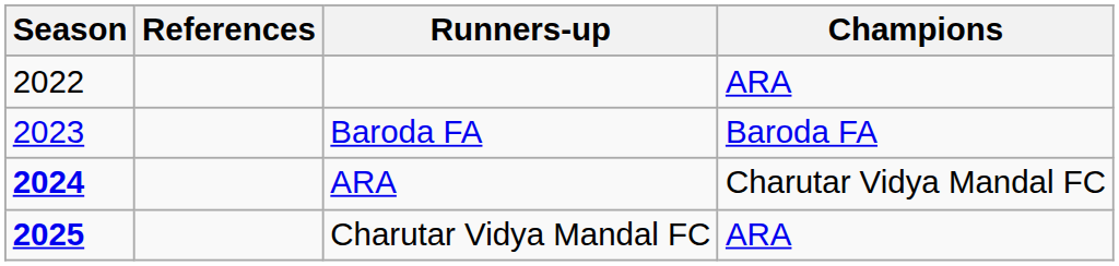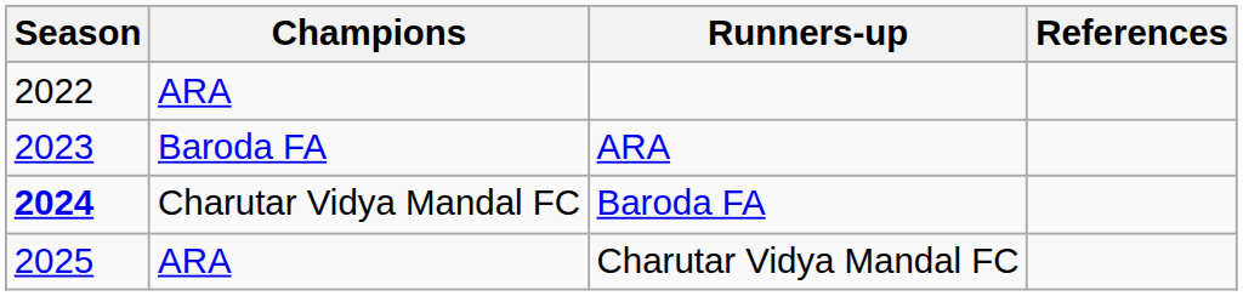 <table class=wikitable>
 <tr>
 <th>Season</th>
+<th>Champions</th>
+<th>Runners-up</th>
 <th>References</th>
-<th>Runners-up</th>
-<th>Champions</th>
 </tr>
 <tr>
 <td>2022</td>
+<td><a href='#'>ARA</a></td>
 <td></td>
 <td></td>
-<td><a href='#'>ARA</a></td>
 </tr>
 <tr>
 <td><a href='#'>2023</a></td>
+<td><a href='#'>Baroda FA</a></td>
+<td><a href='#'>ARA</a></td>
 <td></td>
-<td><a href='#'>Baroda FA</a></td>
-<td><a href='#'>Baroda FA</a></td>
 </tr>
 <tr>
 <td><strong><a href='#'>2024</a></strong></td>
+<td>Charutar Vidya Mandal FC</td>
+<td><a href='#'>Baroda FA</a></td>
 <td></td>
+</tr>
+<tr>
+<td><a href='#'>2025</a></td>
 <td><a href='#'>ARA</a></td>
 <td>Charutar Vidya Mandal FC</td>
-</tr>
-<tr>
-<td><strong><a href='#'>2025</a></strong></td>
 <td></td>
-<td>Charutar Vidya Mandal FC</td>
-<td><a href='#'>ARA</a></td>
 </tr>
 </table>
